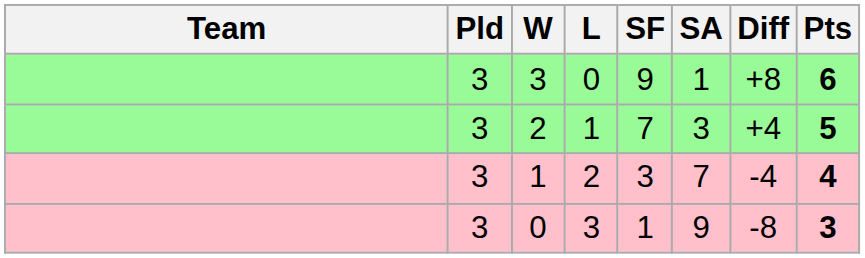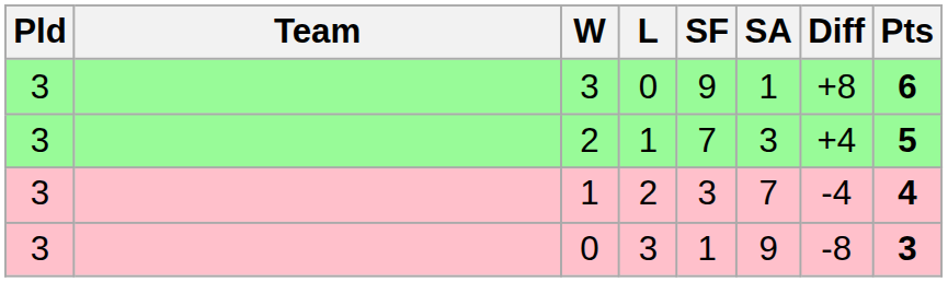 <table class=wikitable style="text-align:center">
 <tr>
+<th width=20>Pld</th>
 <th width=220>Team</th>
-<th width=20>Pld</th>
 <th width=20>W</th>
 <th width=20>L</th>
 <th width=20>SF</th>
 <th width=20>SA</th>
 <th width=20>Diff</th>
 <th width=20>Pts</th>
 </tr>
 <tr style="background: #98fb98">
+<td>3</td>
 <td align=left></td>
-<td>3</td>
 <td>3</td>
 <td>0</td>
 <td>9</td>
 <td>1</td>
 <td>+8</td>
 <td><strong>6</strong></td>
 </tr>
 <tr style="background: #98fb98">
+<td>3</td>
 <td align=left></td>
-<td>3</td>
 <td>2</td>
 <td>1</td>
 <td>7</td>
 <td>3</td>
 <td>+4</td>
 <td><strong>5</strong></td>
 </tr>
 <tr style="background: pink">
+<td>3</td>
 <td align=left></td>
-<td>3</td>
 <td>1</td>
 <td>2</td>
 <td>3</td>
 <td>7</td>
 <td>-4</td>
 <td><strong>4</strong></td>
 </tr>
 <tr style="background: pink">
+<td>3</td>
 <td align=left></td>
-<td>3</td>
 <td>0</td>
 <td>3</td>
 <td>1</td>
 <td>9</td>
 <td>-8</td>
 <td><strong>3</strong></td>
 </tr>
 </table>
